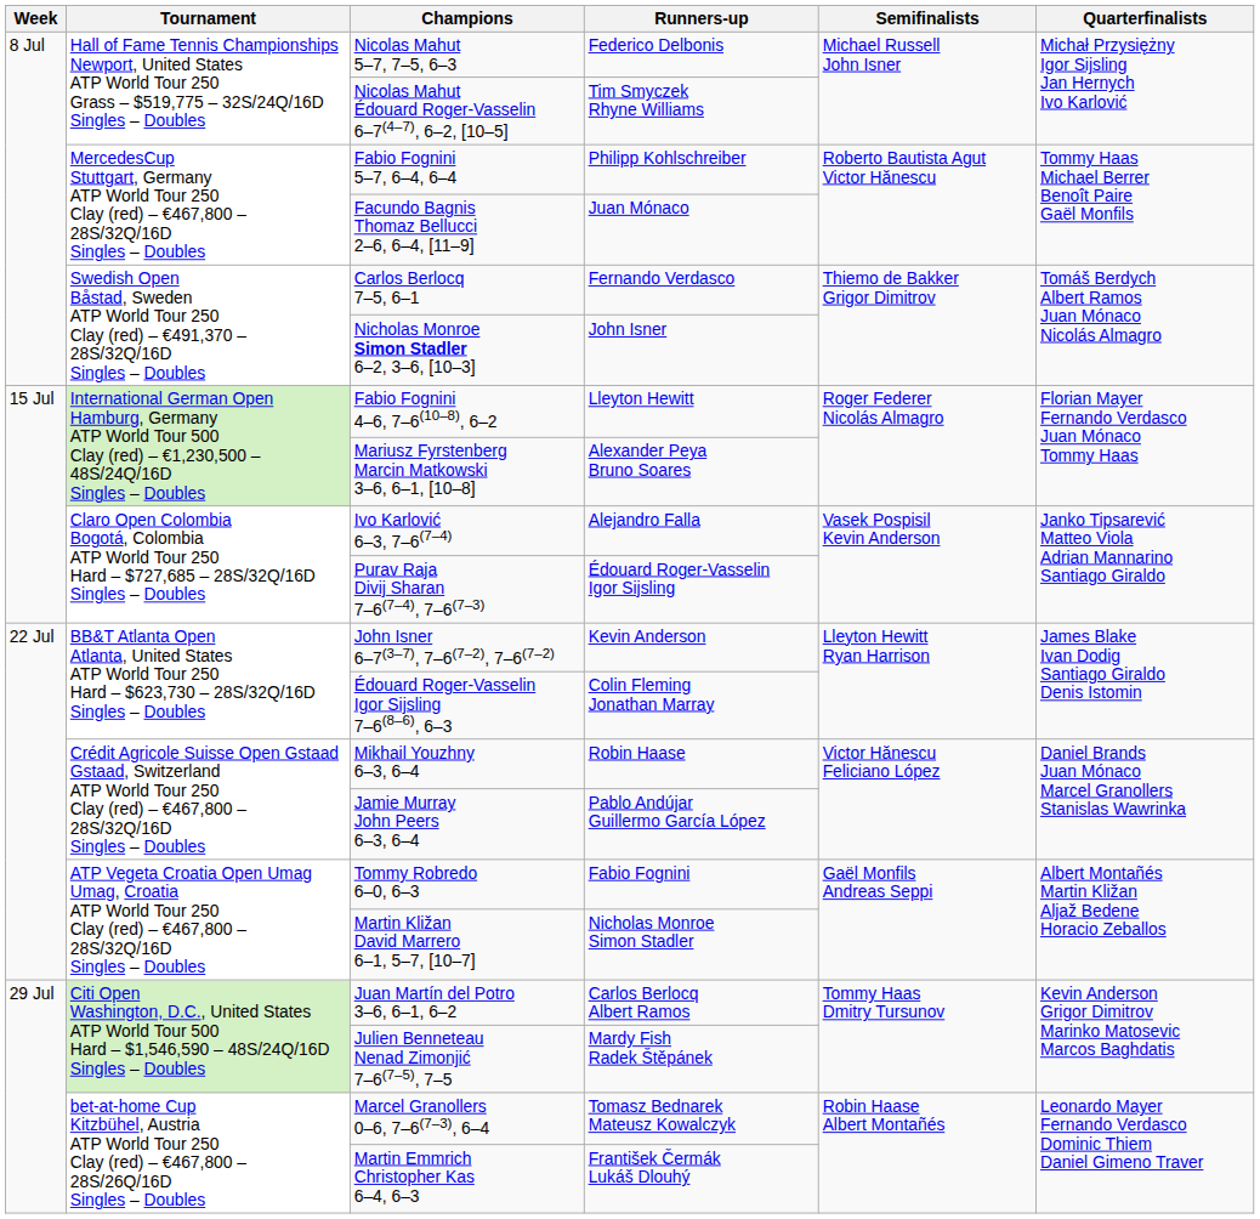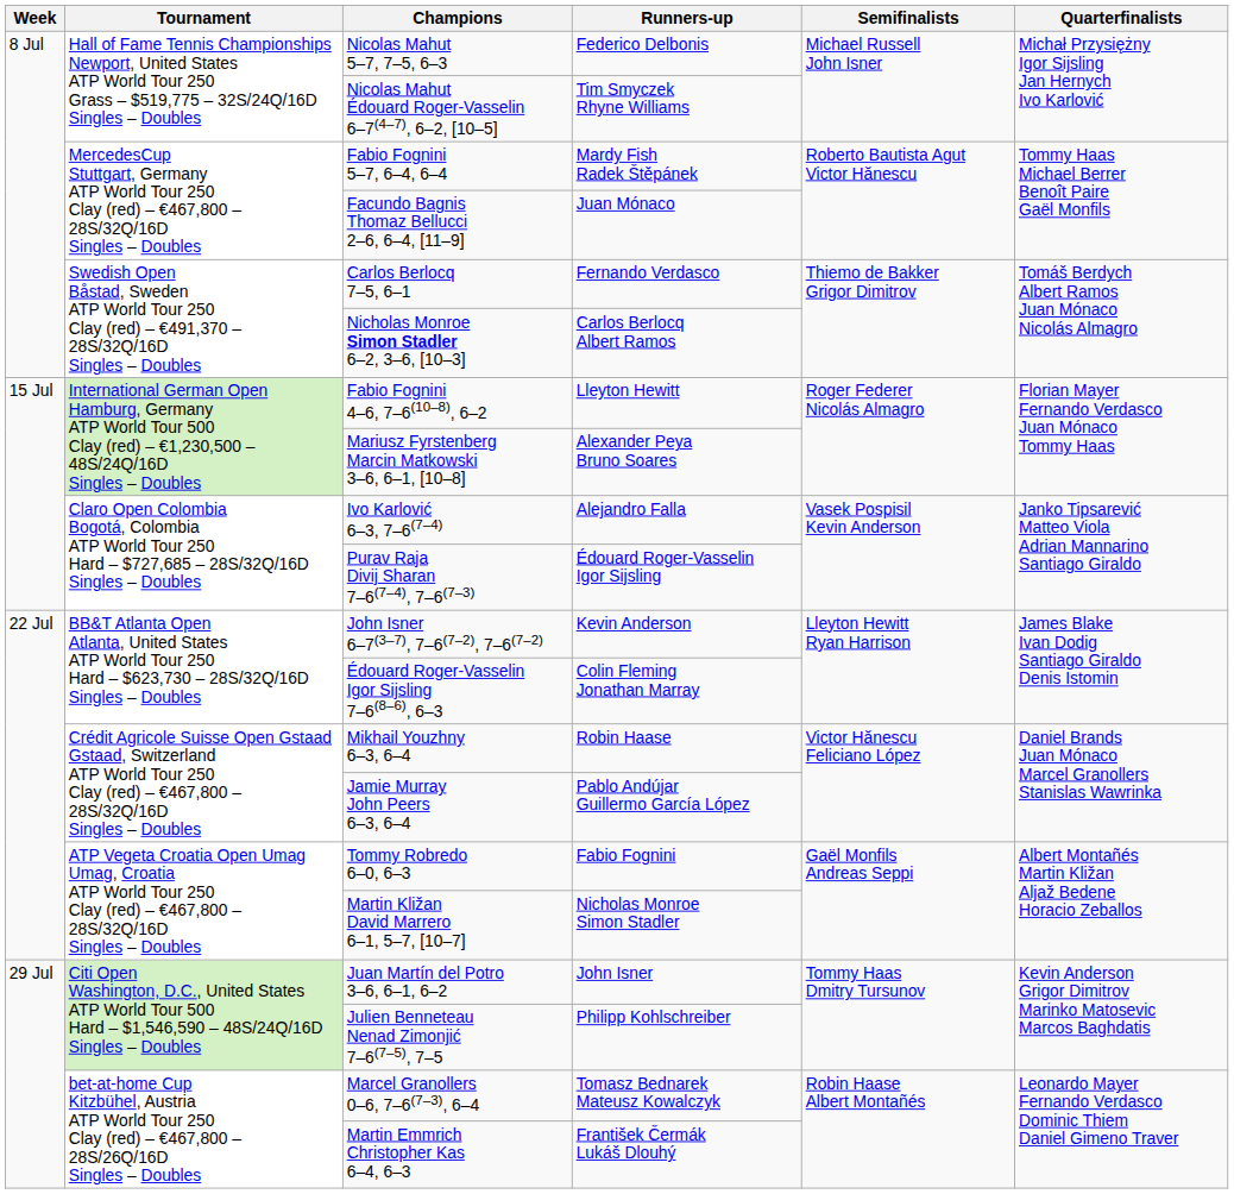 <table class=wikitable style=font-size:95%>
 <tr>
 <th style="width:48px;">Week</th>
 <th style="width:250px;">Tournament</th>
 <th style="width:205px;">Champions</th>
 <th style="width:205px;">Runners-up</th>
 <th style="width:190px;">Semifinalists</th>
 <th style="width:190px;">Quarterfinalists</th>
 </tr>
 <tr valign="top">
 <td rowspan="6">8 Jul</td>
 <td bgcolor="#ffffff" rowspan="2"><a href='#'>Hall of Fame Tennis Championships</a><br> <a href='#'>Newport</a>, United States<br>ATP World Tour 250<br>Grass – $519,775 – 32S/24Q/16D<br><a href='#'>Singles</a> – <a href='#'>Doubles</a></td>
 <td> <a href='#'>Nicolas Mahut</a> <br> 5–7, 7–5, 6–3</td>
 <td> <a href='#'>Federico Delbonis</a></td>
 <td rowspan="2"> <a href='#'>Michael Russell</a><br>  <a href='#'>John Isner</a></td>
 <td rowspan="2"> <a href='#'>Michał Przysiężny</a><br> <a href='#'>Igor Sijsling</a><br>  <a href='#'>Jan Hernych</a> <br> <a href='#'>Ivo Karlović</a></td>
 </tr>
 <tr valign="top">
 <td> <a href='#'>Nicolas Mahut</a><br> <a href='#'>Édouard Roger-Vasselin</a><br>6–7<sup>(4–7)</sup>, 6–2, [10–5]</td>
 <td> <a href='#'>Tim Smyczek</a><br> <a href='#'>Rhyne Williams</a></td>
 </tr>
 <tr valign="top">
 <td bgcolor="#ffffff" rowspan="2"><a href='#'>MercedesCup</a><br> <a href='#'>Stuttgart</a>, Germany<br>ATP World Tour 250<br>Clay (red) – €467,800 – 28S/32Q/16D<br><a href='#'>Singles</a> – <a href='#'>Doubles</a></td>
 <td> <a href='#'>Fabio Fognini</a> <br>5–7, 6–4, 6–4</td>
-<td> <a href='#'>Philipp Kohlschreiber</a></td>
+<td> <a href='#'>Mardy Fish</a> <br>  <a href='#'>Radek Štěpánek</a></td>
 <td rowspan="2"> <a href='#'>Roberto Bautista Agut</a><br> <a href='#'>Victor Hănescu</a></td>
 <td rowspan="2"> <a href='#'>Tommy Haas</a><br> <a href='#'>Michael Berrer</a><br>  <a href='#'>Benoît Paire</a><br> <a href='#'>Gaël Monfils</a></td>
 </tr>
 <tr valign="top">
 <td> <a href='#'>Facundo Bagnis</a><br> <a href='#'>Thomaz Bellucci</a><br>2–6, 6–4, [11–9]</td>
 <td> <a href='#'>Juan Mónaco</a></td>
 </tr>
 <tr valign="top">
 <td bgcolor="#ffffff" rowspan="2"><a href='#'>Swedish Open</a><br>   <a href='#'>Båstad</a>, Sweden<br>ATP World Tour 250<br>Clay (red) – €491,370 – 28S/32Q/16D<br><a href='#'>Singles</a> – <a href='#'>Doubles</a></td>
 <td> <a href='#'>Carlos Berlocq</a><br>7–5, 6–1</td>
 <td> <a href='#'>Fernando Verdasco</a></td>
 <td rowspan="2"> <a href='#'>Thiemo de Bakker</a> <br> <a href='#'>Grigor Dimitrov</a></td>
 <td rowspan="2"> <a href='#'>Tomáš Berdych</a><br> <a href='#'>Albert Ramos</a><br> <a href='#'>Juan Mónaco</a><br> <a href='#'>Nicolás Almagro</a></td>
 </tr>
 <tr valign="top">
 <td> <a href='#'>Nicholas Monroe</a> <br>  <strong><a href='#'>Simon Stadler</a></strong><br>6–2, 3–6, [10–3]</td>
-<td> <a href='#'>John Isner</a></td>
+<td> <a href='#'>Carlos Berlocq</a> <br>  <a href='#'>Albert Ramos</a></td>
 </tr>
 <tr valign="top">
 <td rowspan="4">15 Jul</td>
 <td bgcolor="#D4F1C5" rowspan="2"><a href='#'>International German Open</a><br> <a href='#'>Hamburg</a>, Germany<br>ATP World Tour 500<br>Clay (red) – €1,230,500 – 48S/24Q/16D<br><a href='#'>Singles</a> – <a href='#'>Doubles</a></td>
 <td> <a href='#'>Fabio Fognini</a><br>4–6, 7–6<sup>(10–8)</sup>, 6–2</td>
 <td> <a href='#'>Lleyton Hewitt</a></td>
 <td rowspan="2"> <a href='#'>Roger Federer</a><br> <a href='#'>Nicolás Almagro</a></td>
 <td rowspan="2"> <a href='#'>Florian Mayer</a><br> <a href='#'>Fernando Verdasco</a><br> <a href='#'>Juan Mónaco</a><br> <a href='#'>Tommy Haas</a></td>
 </tr>
 <tr valign="top">
 <td> <a href='#'>Mariusz Fyrstenberg</a> <br>  <a href='#'>Marcin Matkowski</a>  <br>3–6, 6–1, [10–8]</td>
 <td> <a href='#'>Alexander Peya</a> <br>  <a href='#'>Bruno Soares</a></td>
 </tr>
 <tr valign="top">
 <td bgcolor="#ffffff" rowspan="2"><a href='#'>Claro Open Colombia</a><br><a href='#'>Bogotá</a>, Colombia<br>ATP World Tour 250<br>Hard – $727,685 – 28S/32Q/16D<br><a href='#'>Singles</a> – <a href='#'>Doubles</a></td>
 <td> <a href='#'>Ivo Karlović</a><br>6–3, 7–6<sup>(7–4)</sup></td>
 <td> <a href='#'>Alejandro Falla</a></td>
 <td rowspan="2"> <a href='#'>Vasek Pospisil</a> <br>  <a href='#'>Kevin Anderson</a></td>
 <td rowspan="2"> <a href='#'>Janko Tipsarević</a> <br> <a href='#'>Matteo Viola</a> <br>  <a href='#'>Adrian Mannarino</a> <br> <a href='#'>Santiago Giraldo</a></td>
 </tr>
 <tr valign="top">
 <td> <a href='#'>Purav Raja</a> <br>  <a href='#'>Divij Sharan</a> <br>7–6<sup>(7–4)</sup>, 7–6<sup>(7–3)</sup></td>
 <td> <a href='#'>Édouard Roger-Vasselin</a> <br>  <a href='#'>Igor Sijsling</a></td>
 </tr>
 <tr valign="top">
 <td rowspan="6">22 Jul</td>
 <td bgcolor="#ffffff" rowspan="2"><a href='#'>BB&T Atlanta Open</a><br>   <a href='#'>Atlanta</a>, United States<br>ATP World Tour 250<br>Hard – $623,730 – 28S/32Q/16D<br><a href='#'>Singles</a> – <a href='#'>Doubles</a></td>
 <td> <a href='#'>John Isner</a><br>6–7<sup>(3–7)</sup>, 7–6<sup>(7–2)</sup>, 7–6<sup>(7–2)</sup></td>
 <td> <a href='#'>Kevin Anderson</a></td>
 <td rowspan="2"> <a href='#'>Lleyton Hewitt</a><br> <a href='#'>Ryan Harrison</a></td>
 <td rowspan="2"> <a href='#'>James Blake</a><br> <a href='#'>Ivan Dodig</a><br>  <a href='#'>Santiago Giraldo</a> <br> <a href='#'>Denis Istomin</a></td>
 </tr>
 <tr valign="top">
 <td> <a href='#'>Édouard Roger-Vasselin</a><br> <a href='#'>Igor Sijsling</a><br>7–6<sup>(8–6)</sup>, 6–3</td>
 <td> <a href='#'>Colin Fleming</a><br> <a href='#'>Jonathan Marray</a></td>
 </tr>
 <tr valign="top">
 <td bgcolor="#ffffff" rowspan="2"><a href='#'>Crédit Agricole Suisse Open Gstaad</a><br>   <a href='#'>Gstaad</a>, Switzerland<br>ATP World Tour 250<br>Clay (red) – €467,800 – 28S/32Q/16D<br><a href='#'>Singles</a> – <a href='#'>Doubles</a></td>
 <td> <a href='#'>Mikhail Youzhny</a><br>6–3, 6–4</td>
 <td> <a href='#'>Robin Haase</a></td>
 <td rowspan="2"> <a href='#'>Victor Hănescu</a> <br>  <a href='#'>Feliciano López</a></td>
 <td rowspan="2"> <a href='#'>Daniel Brands</a> <br> <a href='#'>Juan Mónaco</a> <br>  <a href='#'>Marcel Granollers</a><br>  <a href='#'>Stanislas Wawrinka</a></td>
 </tr>
 <tr valign="top">
 <td> <a href='#'>Jamie Murray</a><br> <a href='#'>John Peers</a><br>6–3, 6–4</td>
 <td> <a href='#'>Pablo Andújar</a><br> <a href='#'>Guillermo García López</a></td>
 </tr>
 <tr valign="top">
 <td bgcolor="#ffffff" rowspan="2"><a href='#'>ATP Vegeta Croatia Open Umag</a><br>   <a href='#'>Umag</a>, <a href='#'>Croatia</a><br>ATP World Tour 250<br>Clay (red) – €467,800 – 28S/32Q/16D<br><a href='#'>Singles</a> – <a href='#'>Doubles</a></td>
 <td> <a href='#'>Tommy Robredo</a><br>6–0, 6–3</td>
 <td> <a href='#'>Fabio Fognini</a></td>
 <td rowspan="2"> <a href='#'>Gaël Monfils</a><br>  <a href='#'>Andreas Seppi</a></td>
 <td rowspan="2"> <a href='#'>Albert Montañés</a> <br> <a href='#'>Martin Kližan</a><br>  <a href='#'>Aljaž Bedene</a><br> <a href='#'>Horacio Zeballos</a></td>
 </tr>
 <tr valign="top">
 <td> <a href='#'>Martin Kližan</a><br> <a href='#'>David Marrero</a><br>6–1, 5–7, [10–7]</td>
 <td> <a href='#'>Nicholas Monroe</a><br> <a href='#'>Simon Stadler</a></td>
 </tr>
 <tr valign="top">
 <td rowspan="4">29 Jul</td>
 <td bgcolor="#D4F1C5" rowspan="2"><a href='#'>Citi Open</a><br>    <a href='#'>Washington, D.C.</a>, United States<br>ATP World Tour 500<br>Hard – $1,546,590 – 48S/24Q/16D<br><a href='#'>Singles</a> – <a href='#'>Doubles</a></td>
 <td> <a href='#'>Juan Martín del Potro</a><br>3–6, 6–1, 6–2</td>
-<td> <a href='#'>Carlos Berlocq</a> <br>  <a href='#'>Albert Ramos</a></td>
+<td> <a href='#'>John Isner</a></td>
 <td rowspan="2"> <a href='#'>Tommy Haas</a> <br> <a href='#'>Dmitry Tursunov</a></td>
 <td rowspan="2"> <a href='#'>Kevin Anderson</a> <br>  <a href='#'>Grigor Dimitrov</a><br> <a href='#'>Marinko Matosevic</a> <br>  <a href='#'>Marcos Baghdatis</a></td>
 </tr>
 <tr valign="top">
 <td> <a href='#'>Julien Benneteau</a> <br>  <a href='#'>Nenad Zimonjić</a><br>7–6<sup>(7–5)</sup>, 7–5</td>
-<td> <a href='#'>Mardy Fish</a> <br>  <a href='#'>Radek Štěpánek</a></td>
+<td> <a href='#'>Philipp Kohlschreiber</a></td>
 </tr>
 <tr valign="top">
 <td bgcolor="#ffffff" rowspan="2"><a href='#'>bet-at-home Cup</a><br>   <a href='#'>Kitzbühel</a>, Austria<br>ATP World Tour 250<br>Clay (red) – €467,800 – 28S/26Q/16D<br><a href='#'>Singles</a> – <a href='#'>Doubles</a></td>
 <td> <a href='#'>Marcel Granollers</a><br>0–6, 7–6<sup>(7–3)</sup>, 6–4</td>
 <td> <a href='#'>Tomasz Bednarek</a><br>  <a href='#'>Mateusz Kowalczyk</a></td>
 <td rowspan="2"> <a href='#'>Robin Haase</a><br> <a href='#'>Albert Montañés</a></td>
 <td rowspan="2"> <a href='#'>Leonardo Mayer</a><br> <a href='#'>Fernando Verdasco</a><br>  <a href='#'>Dominic Thiem</a><br> <a href='#'>Daniel Gimeno Traver</a></td>
 </tr>
 <tr valign="top">
 <td> <a href='#'>Martin Emmrich</a> <br>  <a href='#'>Christopher Kas</a><br>6–4, 6–3</td>
 <td> <a href='#'>František Čermák</a> <br>  <a href='#'>Lukáš Dlouhý</a></td>
 </tr>
 </table>
